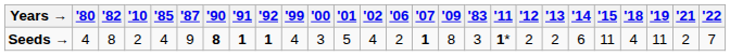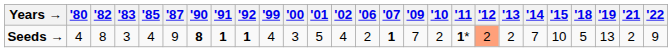 <table class="wikitable">
 <tr>
 <th>Years →</th>
 <th><a href='#'>'80</a></th>
 <th><a href='#'>'82</a></th>
-<th><a href='#'>'10</a></th>
+<th><a href='#'>'83</a></th>
 <th><a href='#'>'85</a></th>
 <th><a href='#'>'87</a></th>
 <th><a href='#'>'90</a></th>
 <th><a href='#'>'91</a></th>
 <th><a href='#'>'92</a></th>
 <th><a href='#'>'99</a></th>
 <th><a href='#'>'00</a></th>
 <th><a href='#'>'01</a></th>
 <th><a href='#'>'02</a></th>
 <th><a href='#'>'06</a></th>
 <th><a href='#'>'07</a></th>
 <th><a href='#'>'09</a></th>
-<th><a href='#'>'83</a></th>
+<th><a href='#'>'10</a></th>
 <th><a href='#'>'11</a></th>
 <th><a href='#'>'12</a></th>
 <th><a href='#'>'13</a></th>
 <th><a href='#'>'14</a></th>
 <th><a href='#'>'15</a></th>
 <th><a href='#'>'18</a></th>
 <th><a href='#'>'19</a></th>
 <th><a href='#'>'21</a></th>
 <th><a href='#'>'22</a></th>
 </tr>
 <tr align=center>
 <td align=left><strong>Seeds →</strong></td>
 <td>4</td>
 <td>8</td>
-<td>2</td>
+<td>3</td>
 <td>4</td>
 <td>9</td>
 <td><strong>8</strong></td>
 <td><strong>1</strong></td>
 <td><strong>1</strong></td>
 <td>4</td>
 <td>3</td>
 <td>5</td>
 <td>4</td>
 <td>2</td>
 <td><strong>1</strong></td>
-<td>8</td>
-<td>3</td>
+<td>7</td>
+<td>2</td>
 <td><strong>1</strong>*</td>
-<td>2</td>
-<td>2</td>
-<td>6</td>
-<td>11</td>
-<td>4</td>
-<td>11</td>
+<td style="background: lightsalmon;">2</td>
 <td>2</td>
 <td>7</td>
+<td>10</td>
+<td>5</td>
+<td>13</td>
+<td>2</td>
+<td>9</td>
 </tr>
 </table>
